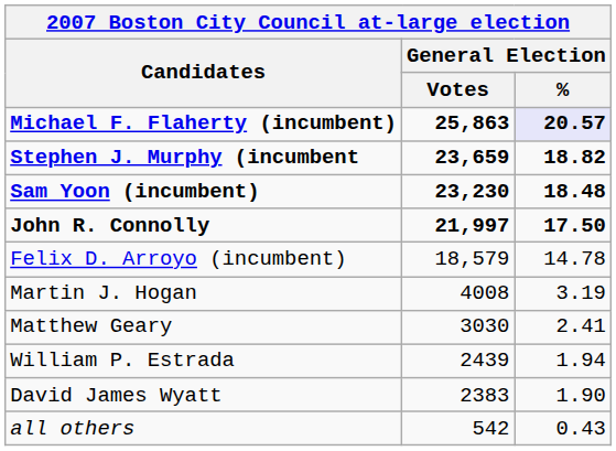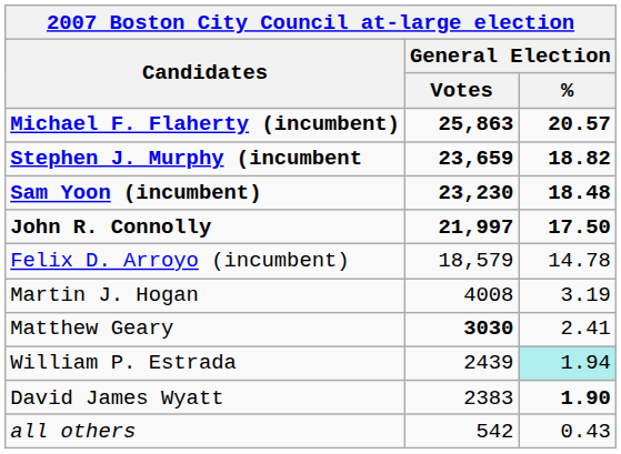 <table class=wikitable>
 <tr>
 <th colspan=3><a href='#'>2007 Boston City Council at-large election</a></th>
 </tr>
 <tr>
 <th colspan=1 rowspan=2><strong>Candidates</strong></th>
 <th colspan=2><strong>General Election</strong></th>
 </tr>
 <tr>
 <th>Votes</th>
 <th>%</th>
 </tr>
 <tr>
 <td><strong><a href='#'>Michael F. Flaherty</a> (incumbent)</strong></td>
 <td align="right"><strong>25,863</strong></td>
-<td align="right" style="background: lavender;"><strong>20.57</strong></td>
+<td align="right"><strong>20.57</strong></td>
 </tr>
 <tr>
 <td><strong><a href='#'>Stephen J. Murphy</a> (incumbent</strong></td>
 <td align="right"><strong>23,659</strong></td>
 <td align="right"><strong>18.82</strong></td>
 </tr>
 <tr>
 <td><strong><a href='#'>Sam Yoon</a> (incumbent)</strong></td>
 <td align="right"><strong>23,230</strong></td>
 <td align="right"><strong>18.48</strong></td>
 </tr>
 <tr>
 <td><strong>John R. Connolly</strong></td>
 <td align="right"><strong>21,997</strong></td>
 <td align="right"><strong>17.50</strong></td>
 </tr>
 <tr>
 <td><a href='#'>Felix D. Arroyo</a> (incumbent)</td>
 <td align="right">18,579</td>
 <td align="right">14.78</td>
 </tr>
 <tr>
 <td>Martin J. Hogan</td>
 <td align="right">4008</td>
 <td align="right">3.19</td>
 </tr>
 <tr>
 <td>Matthew Geary</td>
-<td align="right">3030</td>
+<td align="right"><strong>3030</strong></td>
 <td align="right">2.41</td>
 </tr>
 <tr>
 <td>William P. Estrada</td>
 <td align="right">2439</td>
-<td align="right">1.94</td>
+<td align="right" style="background: paleturquoise;">1.94</td>
 </tr>
 <tr>
 <td>David James Wyatt</td>
 <td align="right">2383</td>
-<td align="right">1.90</td>
+<td align="right"><strong>1.90</strong></td>
 </tr>
 <tr>
 <td><em>all others</em></td>
 <td align="right">542</td>
 <td align="right">0.43</td>
 </tr>
 </table>
